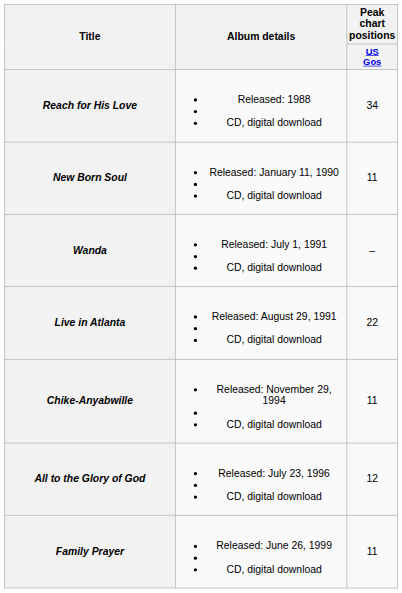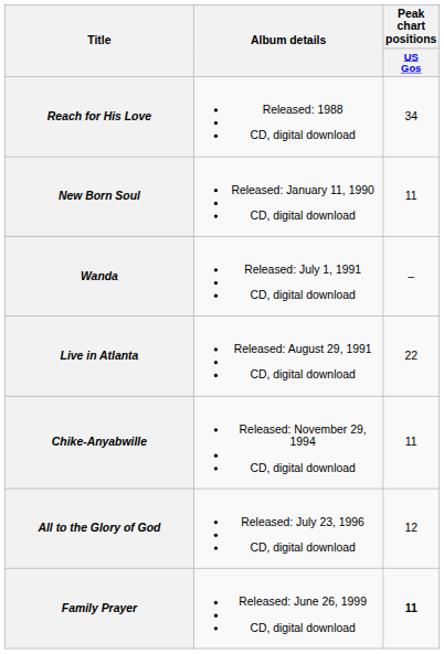 <table class="wikitable plainrowheaders" style="text-align:center;">
 <tr>
 <th scope="col" rowspan="2" style="width:16em;">Title</th>
 <th scope="col" rowspan="2" style="width:16em;">Album details</th>
 <th scope="col" colspan="1">Peak chart positions</th>
 </tr>
 <tr>
 <th style="width:3em; font-size:90%"><a href='#'>US<br>Gos</a></th>
 </tr>
 <tr>
 <th scope="row"><em>Reach for His Love</em></th>
 <td><br><ul><li>Released: 1988</li><li></li><li>CD, digital download</li></ul></td>
 <td>34</td>
 </tr>
 <tr>
 <th scope="row"><em>New Born Soul</em></th>
 <td><br><ul><li>Released: January 11, 1990</li><li></li><li>CD, digital download</li></ul></td>
 <td>11</td>
 </tr>
 <tr>
 <th scope="row"><em>Wanda</em></th>
 <td><br><ul><li>Released: July 1, 1991</li><li></li><li>CD, digital download</li></ul></td>
 <td>–</td>
 </tr>
 <tr>
 <th scope="row"><em>Live in Atlanta</em></th>
 <td><br><ul><li>Released: August 29, 1991</li><li></li><li>CD, digital download</li></ul></td>
 <td>22</td>
 </tr>
 <tr>
 <th scope="row"><em>Chike-Anyabwille</em></th>
 <td><br><ul><li>Released: November 29, 1994</li><li></li><li>CD, digital download</li></ul></td>
 <td>11</td>
 </tr>
 <tr>
 <th scope="row"><em>All to the Glory of God</em></th>
 <td><br><ul><li>Released: July 23, 1996</li><li></li><li>CD, digital download</li></ul></td>
 <td>12</td>
 </tr>
 <tr>
 <th scope="row"><em>Family Prayer</em></th>
 <td><br><ul><li>Released: June 26, 1999</li><li></li><li>CD, digital download</li></ul></td>
-<td>11</td>
+<td><strong>11</strong></td>
 </tr>
 </table>
